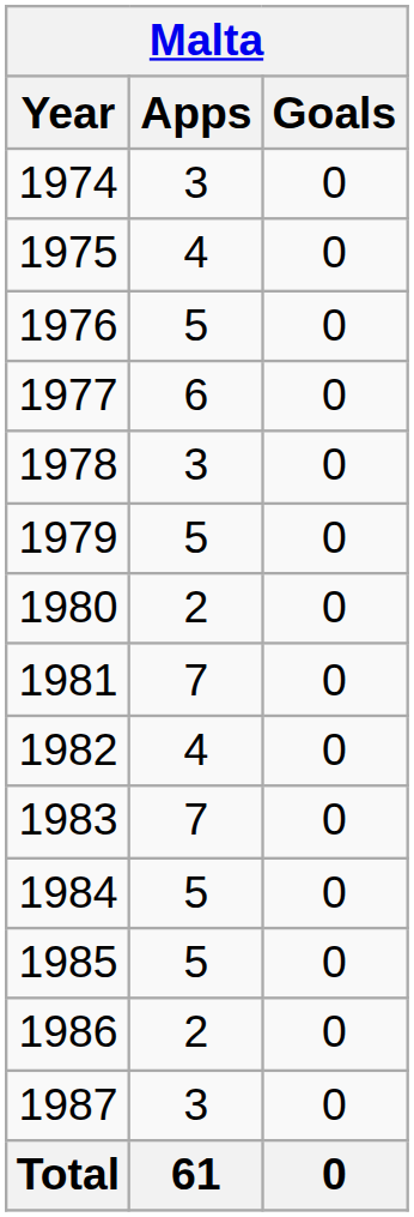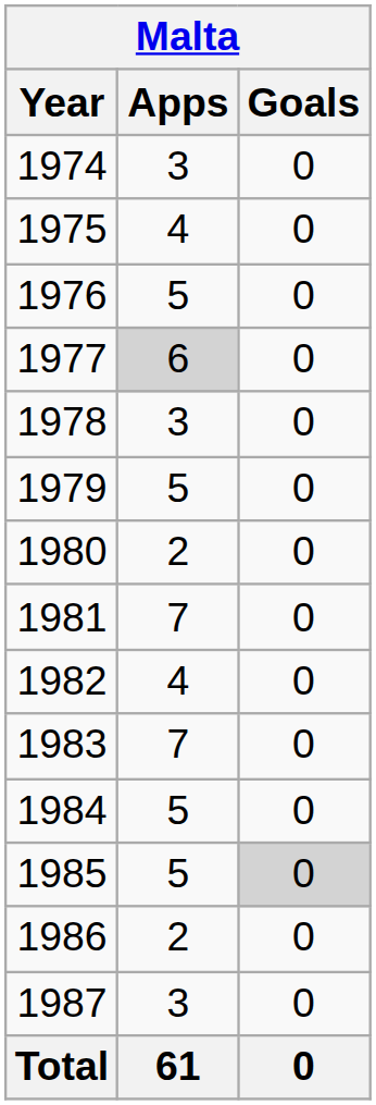 <table class="wikitable" style="text-align:center">
 <tr>
 <th colspan=3><a href='#'>Malta</a></th>
 </tr>
 <tr>
 <th>Year</th>
 <th>Apps</th>
 <th>Goals</th>
 </tr>
 <tr>
 <td>1974</td>
 <td>3</td>
 <td>0</td>
 </tr>
 <tr>
 <td>1975</td>
 <td>4</td>
 <td>0</td>
 </tr>
 <tr>
 <td>1976</td>
 <td>5</td>
 <td>0</td>
 </tr>
 <tr>
 <td>1977</td>
-<td>6</td>
+<td style="background: lightgrey;">6</td>
 <td>0</td>
 </tr>
 <tr>
 <td>1978</td>
 <td>3</td>
 <td>0</td>
 </tr>
 <tr>
 <td>1979</td>
 <td>5</td>
 <td>0</td>
 </tr>
 <tr>
 <td>1980</td>
 <td>2</td>
 <td>0</td>
 </tr>
 <tr>
 <td>1981</td>
 <td>7</td>
 <td>0</td>
 </tr>
 <tr>
 <td>1982</td>
 <td>4</td>
 <td>0</td>
 </tr>
 <tr>
 <td>1983</td>
 <td>7</td>
 <td>0</td>
 </tr>
 <tr>
 <td>1984</td>
 <td>5</td>
 <td>0</td>
 </tr>
 <tr>
 <td>1985</td>
 <td>5</td>
-<td>0</td>
+<td style="background: lightgrey;">0</td>
 </tr>
 <tr>
 <td>1986</td>
 <td>2</td>
 <td>0</td>
 </tr>
 <tr>
 <td>1987</td>
 <td>3</td>
 <td>0</td>
 </tr>
 <tr>
 <th>Total</th>
 <th>61</th>
 <th>0</th>
 </tr>
 </table>
